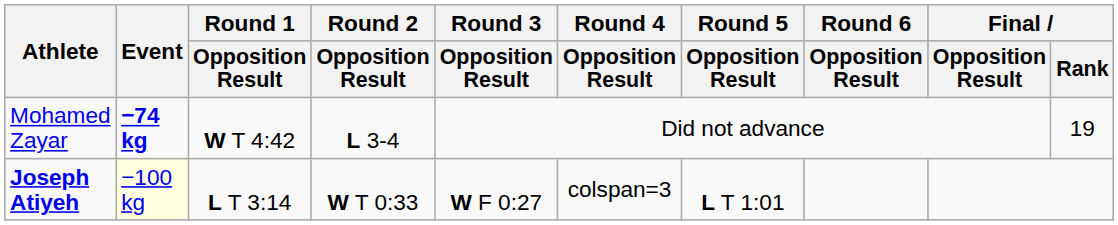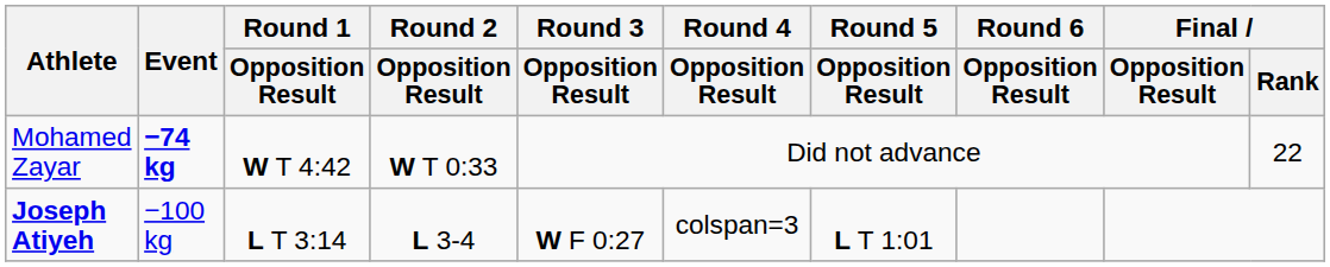 <table class="wikitable" style="font-size:90%">
 <tr>
 <th rowspan="2">Athlete</th>
 <th rowspan="2">Event</th>
 <th>Round 1</th>
 <th>Round 2</th>
 <th>Round 3</th>
 <th>Round 4</th>
 <th>Round 5</th>
 <th>Round 6</th>
 <th colspan=2>Final / </th>
 </tr>
 <tr style="font-size: 95%">
 <th>Opposition<br>Result</th>
 <th>Opposition<br>Result</th>
 <th>Opposition<br>Result</th>
 <th>Opposition<br>Result</th>
 <th>Opposition<br>Result</th>
 <th>Opposition<br>Result</th>
 <th>Opposition<br>Result</th>
 <th>Rank</th>
 </tr>
 <tr align=center>
 <td align=left><a href='#'>Mohamed Zayar</a></td>
 <td align=left><strong><a href='#'>−74 kg</a></strong></td>
 <td><br><strong>W</strong> T 4:42</td>
-<td><br><strong>L</strong> 3-4</td>
+<td><br><strong>W</strong> T 0:33</td>
 <td colspan=5>Did not advance</td>
-<td>19</td>
+<td>22</td>
 </tr>
 <tr align=center>
 <td align=left><strong><a href='#'>Joseph Atiyeh</a></strong></td>
-<td align=left style="background: lightyellow;"><a href='#'>−100 kg</a></td>
+<td align=left><a href='#'>−100 kg</a></td>
 <td><br><strong>L</strong> T 3:14</td>
-<td><br><strong>W</strong> T 0:33</td>
+<td><br><strong>L</strong> 3-4</td>
 <td><br><strong>W</strong> F 0:27</td>
 <td>colspan=3 </td>
 <td><br><strong>L</strong> T 1:01</td>
 <td></td>
 </tr>
 </table>
